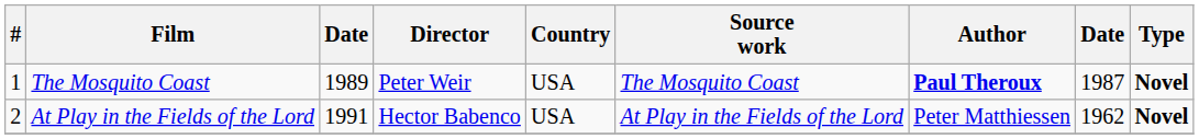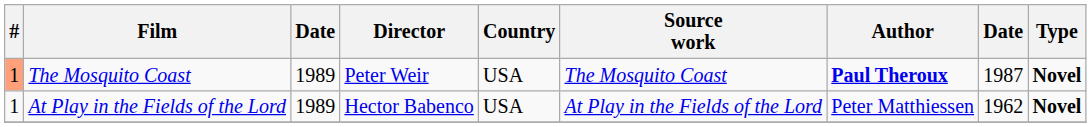 <table class="wikitable">
 <tr>
 <th>#</th>
 <th>Film</th>
 <th>Date</th>
 <th>Director</th>
 <th>Country</th>
 <th>Source<br>work</th>
 <th>Author</th>
 <th>Date</th>
 <th>Type</th>
 </tr>
 <tr>
-<td>1</td>
+<td style="background: lightsalmon;">1</td>
 <td><em><a href='#'>The Mosquito Coast</a></em></td>
 <td>1989</td>
 <td><a href='#'>Peter Weir</a></td>
 <td>USA</td>
 <td><em><a href='#'>The Mosquito Coast</a></em></td>
 <td><strong><a href='#'>Paul Theroux</a></strong></td>
 <td>1987</td>
 <td><strong>Novel</strong></td>
 </tr>
 <tr>
-<td>2</td>
+<td>1</td>
 <td><em><a href='#'>At Play in the Fields of the Lord</a></em></td>
-<td>1991</td>
+<td>1989</td>
 <td><a href='#'>Hector Babenco</a></td>
 <td>USA</td>
 <td><em><a href='#'>At Play in the Fields of the Lord</a></em></td>
 <td><a href='#'>Peter Matthiessen</a></td>
 <td>1962</td>
 <td><strong>Novel</strong></td>
 </tr>
 <tr>
 </tr>
 </table>
